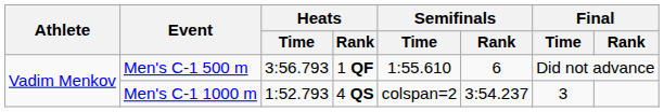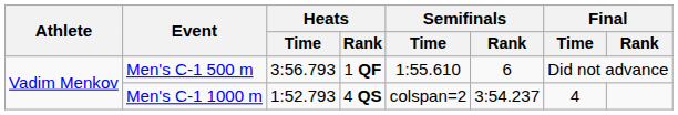 <table class=wikitable style="font-size:90%">
 <tr>
 <th rowspan="2">Athlete</th>
 <th rowspan="2">Event</th>
 <th colspan="2">Heats</th>
 <th colspan="2">Semifinals</th>
 <th colspan="2">Final</th>
 </tr>
 <tr style="font-size:95%">
 <th>Time</th>
 <th>Rank</th>
 <th>Time</th>
 <th>Rank</th>
 <th>Time</th>
 <th>Rank</th>
 </tr>
 <tr align=center>
 <td align=left rowspan=2><a href='#'>Vadim Menkov</a></td>
 <td align=left><a href='#'>Men's C-1 500 m</a></td>
 <td>3:56.793</td>
 <td>1 <strong>QF</strong></td>
 <td>1:55.610</td>
 <td>6</td>
 <td colspan=2>Did not advance</td>
 </tr>
 <tr align=center>
 <td align=left><a href='#'>Men's C-1 1000 m</a></td>
 <td>1:52.793</td>
 <td>4 <strong>QS</strong></td>
 <td>colspan=2 </td>
 <td>3:54.237</td>
-<td>3</td>
+<td>4</td>
 </tr>
 </table>
